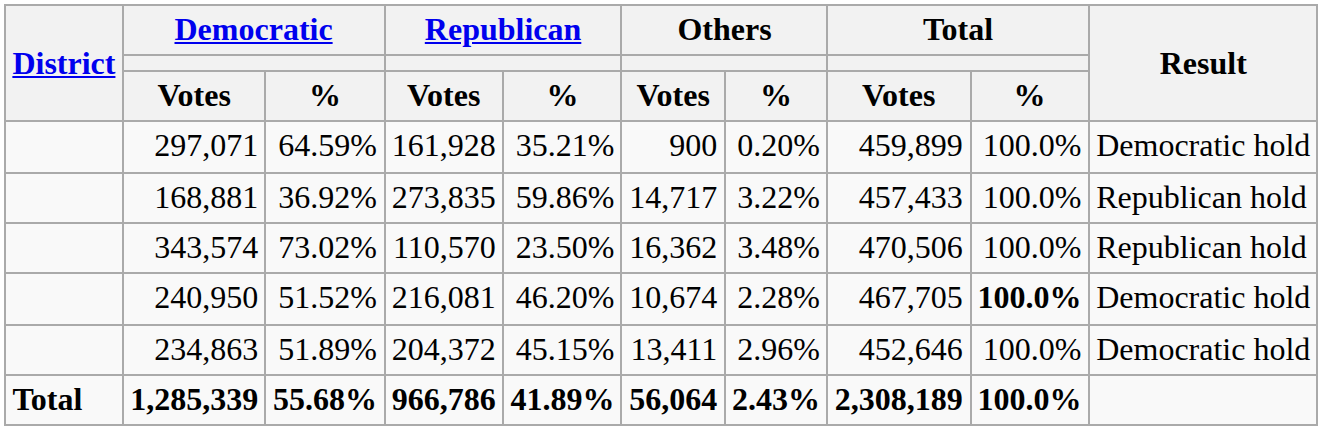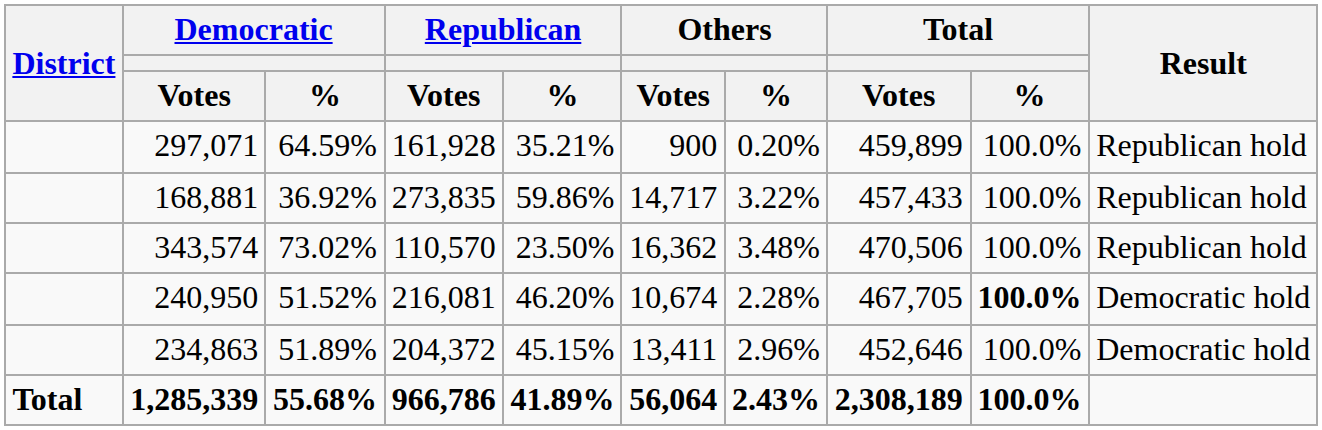 <table class="wikitable plainrowheaders sortable" style="font-size:100%; text-align:right;">
 <tr>
 <th scope=col rowspan=3><a href='#'>District</a></th>
 <th scope=col colspan=2><a href='#'>Democratic</a></th>
 <th scope=col colspan=2><a href='#'>Republican</a></th>
 <th scope=col colspan=2>Others</th>
 <th scope=col colspan=2>Total</th>
 <th scope=col rowspan=3>Result</th>
 </tr>
 <tr>
 <th scope=col colspan=2 style="background:"></th>
 <th scope=col colspan=2 style="background:"></th>
 <th scope=col colspan=2></th>
 <th scope=col colspan=2></th>
 </tr>
 <tr>
 <th scope=col data-sort-type="number">Votes</th>
 <th scope=col data-sort-type="number">%</th>
 <th scope=col data-sort-type="number">Votes</th>
 <th scope=col data-sort-type="number">%</th>
 <th scope=col data-sort-type="number">Votes</th>
 <th scope=col data-sort-type="number">%</th>
 <th scope=col data-sort-type="number">Votes</th>
 <th scope=col data-sort-type="number">%</th>
 </tr>
 <tr>
 <td align=left></td>
 <td>297,071</td>
 <td>64.59%</td>
 <td>161,928</td>
 <td>35.21%</td>
 <td>900</td>
 <td>0.20%</td>
 <td>459,899</td>
 <td>100.0%</td>
-<td align=left>Democratic hold</td>
+<td align=left>Republican hold</td>
 </tr>
 <tr>
 <td align=left></td>
 <td>168,881</td>
 <td>36.92%</td>
 <td>273,835</td>
 <td>59.86%</td>
 <td>14,717</td>
 <td>3.22%</td>
 <td>457,433</td>
 <td>100.0%</td>
 <td align=left>Republican hold</td>
 </tr>
 <tr>
 <td align=left></td>
 <td>343,574</td>
 <td>73.02%</td>
 <td>110,570</td>
 <td>23.50%</td>
 <td>16,362</td>
 <td>3.48%</td>
 <td>470,506</td>
 <td>100.0%</td>
 <td align=left>Republican hold</td>
 </tr>
 <tr>
 <td align=left></td>
 <td>240,950</td>
 <td>51.52%</td>
 <td>216,081</td>
 <td>46.20%</td>
 <td>10,674</td>
 <td>2.28%</td>
 <td>467,705</td>
 <td><strong>100.0%</strong></td>
 <td align=left>Democratic hold</td>
 </tr>
 <tr>
 <td align=left></td>
 <td>234,863</td>
 <td>51.89%</td>
 <td>204,372</td>
 <td>45.15%</td>
 <td>13,411</td>
 <td>2.96%</td>
 <td>452,646</td>
 <td>100.0%</td>
 <td align=left>Democratic hold</td>
 </tr>
 <tr class="sortbottom" style="font-weight:bold">
 <td align=left>Total</td>
 <td>1,285,339</td>
 <td>55.68%</td>
 <td>966,786</td>
 <td>41.89%</td>
 <td>56,064</td>
 <td>2.43%</td>
 <td>2,308,189</td>
 <td>100.0%</td>
 <td></td>
 </tr>
 </table>
